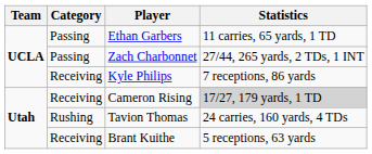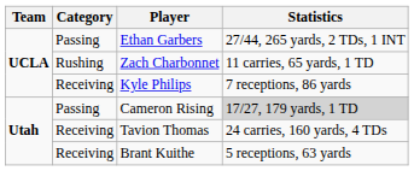 <table class="wikitable" style="float: left;">
 <tr>
 <th>Team</th>
 <th>Category</th>
 <th>Player</th>
 <th>Statistics</th>
 </tr>
 <tr>
 <td rowspan=3><strong>UCLA</strong></td>
 <td>Passing</td>
 <td><a href='#'>Ethan Garbers</a></td>
-<td>11 carries, 65 yards, 1 TD</td>
+<td>27/44, 265 yards, 2 TDs, 1 INT</td>
 </tr>
 <tr>
-<td>Passing</td>
+<td>Rushing</td>
 <td><a href='#'>Zach Charbonnet</a></td>
-<td>27/44, 265 yards, 2 TDs, 1 INT</td>
+<td>11 carries, 65 yards, 1 TD</td>
 </tr>
 <tr>
 <td>Receiving</td>
 <td><a href='#'>Kyle Philips</a></td>
 <td>7 receptions, 86 yards</td>
 </tr>
 <tr>
 <td rowspan=3><strong>Utah</strong></td>
-<td>Receiving</td>
+<td>Passing</td>
 <td>Cameron Rising</td>
 <td style="background: lightgrey;">17/27, 179 yards, 1 TD</td>
 </tr>
 <tr>
-<td>Rushing</td>
+<td>Receiving</td>
 <td>Tavion Thomas</td>
 <td>24 carries, 160 yards, 4 TDs</td>
 </tr>
 <tr>
 <td>Receiving</td>
 <td>Brant Kuithe</td>
 <td>5 receptions, 63 yards</td>
 </tr>
 </table>
